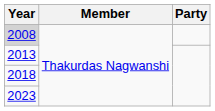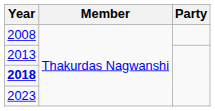 <table class="wikitable sortable">
 <tr>
 <th>Year</th>
 <th>Member</th>
 <th colspan=2>Party</th>
 </tr>
 <tr>
-<td style="background: lightgrey;"><a href='#'>2008</a></td>
+<td><a href='#'>2008</a></td>
 <td rowspan=4><a href='#'>Thakurdas Nagwanshi</a></td>
 <td></td>
 </tr>
 <tr>
 <td><a href='#'>2013</a></td>
 </tr>
 <tr>
-<td><a href='#'>2018</a></td>
+<td><strong><a href='#'>2018</a></strong></td>
 </tr>
 <tr>
 <td><a href='#'>2023</a></td>
 </tr>
 </table>
